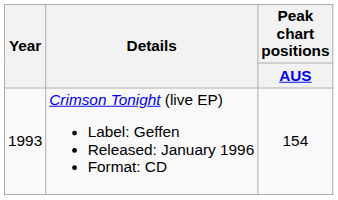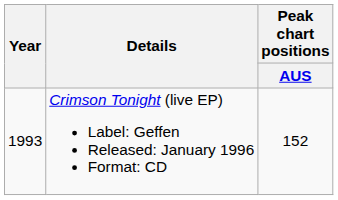 <table class="wikitable">
 <tr>
 <th rowspan="2">Year</th>
 <th rowspan="2">Details</th>
 <th>Peak chart positions</th>
 </tr>
 <tr>
 <th width="25"><a href='#'>AUS</a><br></th>
 </tr>
 <tr>
 <td>1993</td>
 <td><em><a href='#'>Crimson Tonight</a></em> (live EP)<br><ul><li>Label: Geffen</li><li>Released: January 1996</li><li>Format: CD</li></ul></td>
-<td align="center">154</td>
+<td align="center">152</td>
 </tr>
 </table>
